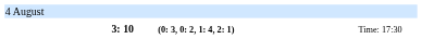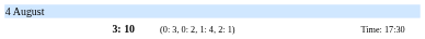 <table style="text-align:center">
 <tr style="text-align:left; background:#d0e7ff;">
 <td colspan=6>4 August</td>
 </tr>
 <tr style="font-size:90%; vertical-align:top;">
 <th width=140></th>
 <th width=60></th>
 <th width=150></th>
 <th width=140></th>
 <th width=100></th>
 </tr>
 <tr>
 <td align=right></td>
 <td><strong>3: 10</strong></td>
-<td><strong><small>(0: 3, 0: 2, 1: 4, 2: 1)</small></strong></td>
+<td><small>(0: 3, 0: 2, 1: 4, 2: 1)</small></td>
 <td align=left></td>
 <td><small>Time: 17:30</small></td>
 <td></td>
 </tr>
 </table>
